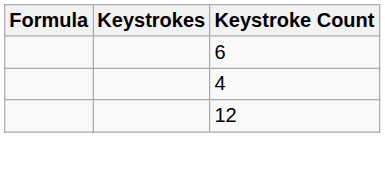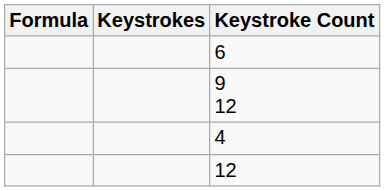 <table class="wikitable" border="1">
 <tr>
 <th>Formula</th>
 <th>Keystrokes</th>
 <th>Keystroke Count</th>
 </tr>
 <tr>
 <td></td>
 <td>     </td>
 <td>6</td>
 </tr>
 <tr>
 <td></td>
+<td>         <br>            </td>
+<td>9<br>12</td>
+</tr>
+<tr>
+<td></td>
 <td>   </td>
 <td>4</td>
 </tr>
 <tr>
 <td></td>
 <td>              </td>
 <td>12</td>
 </tr>
 </table>
